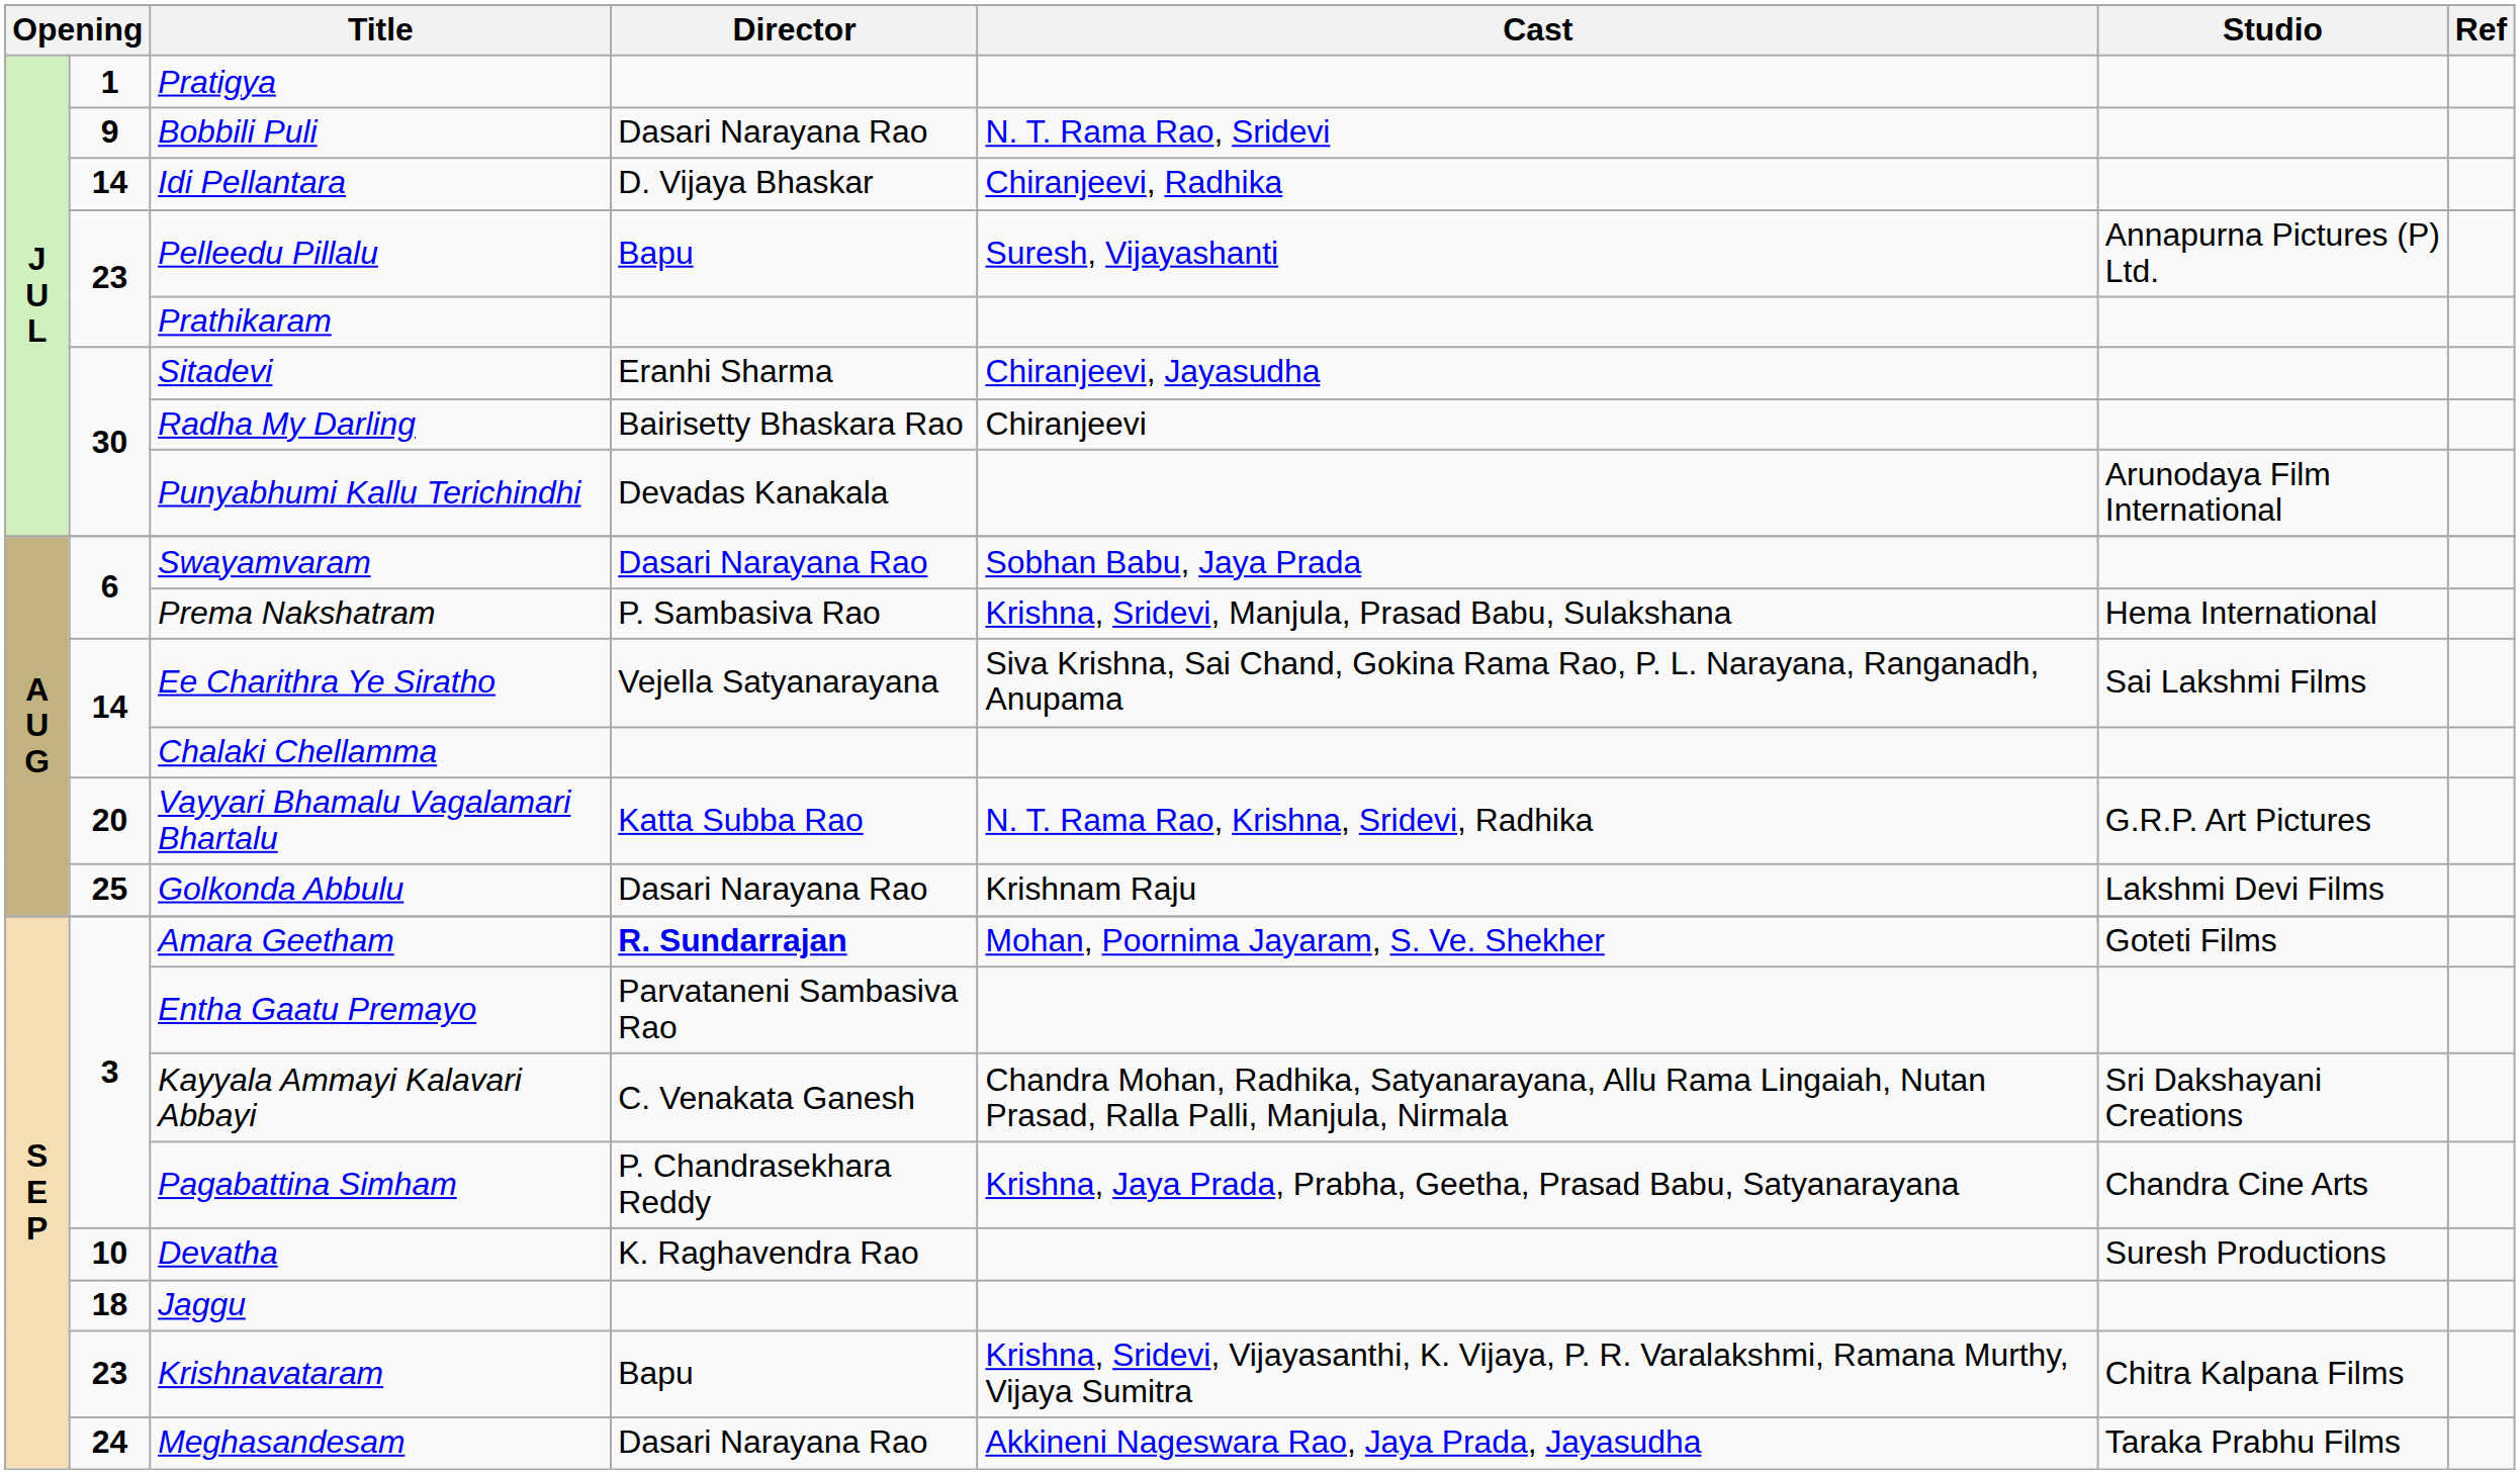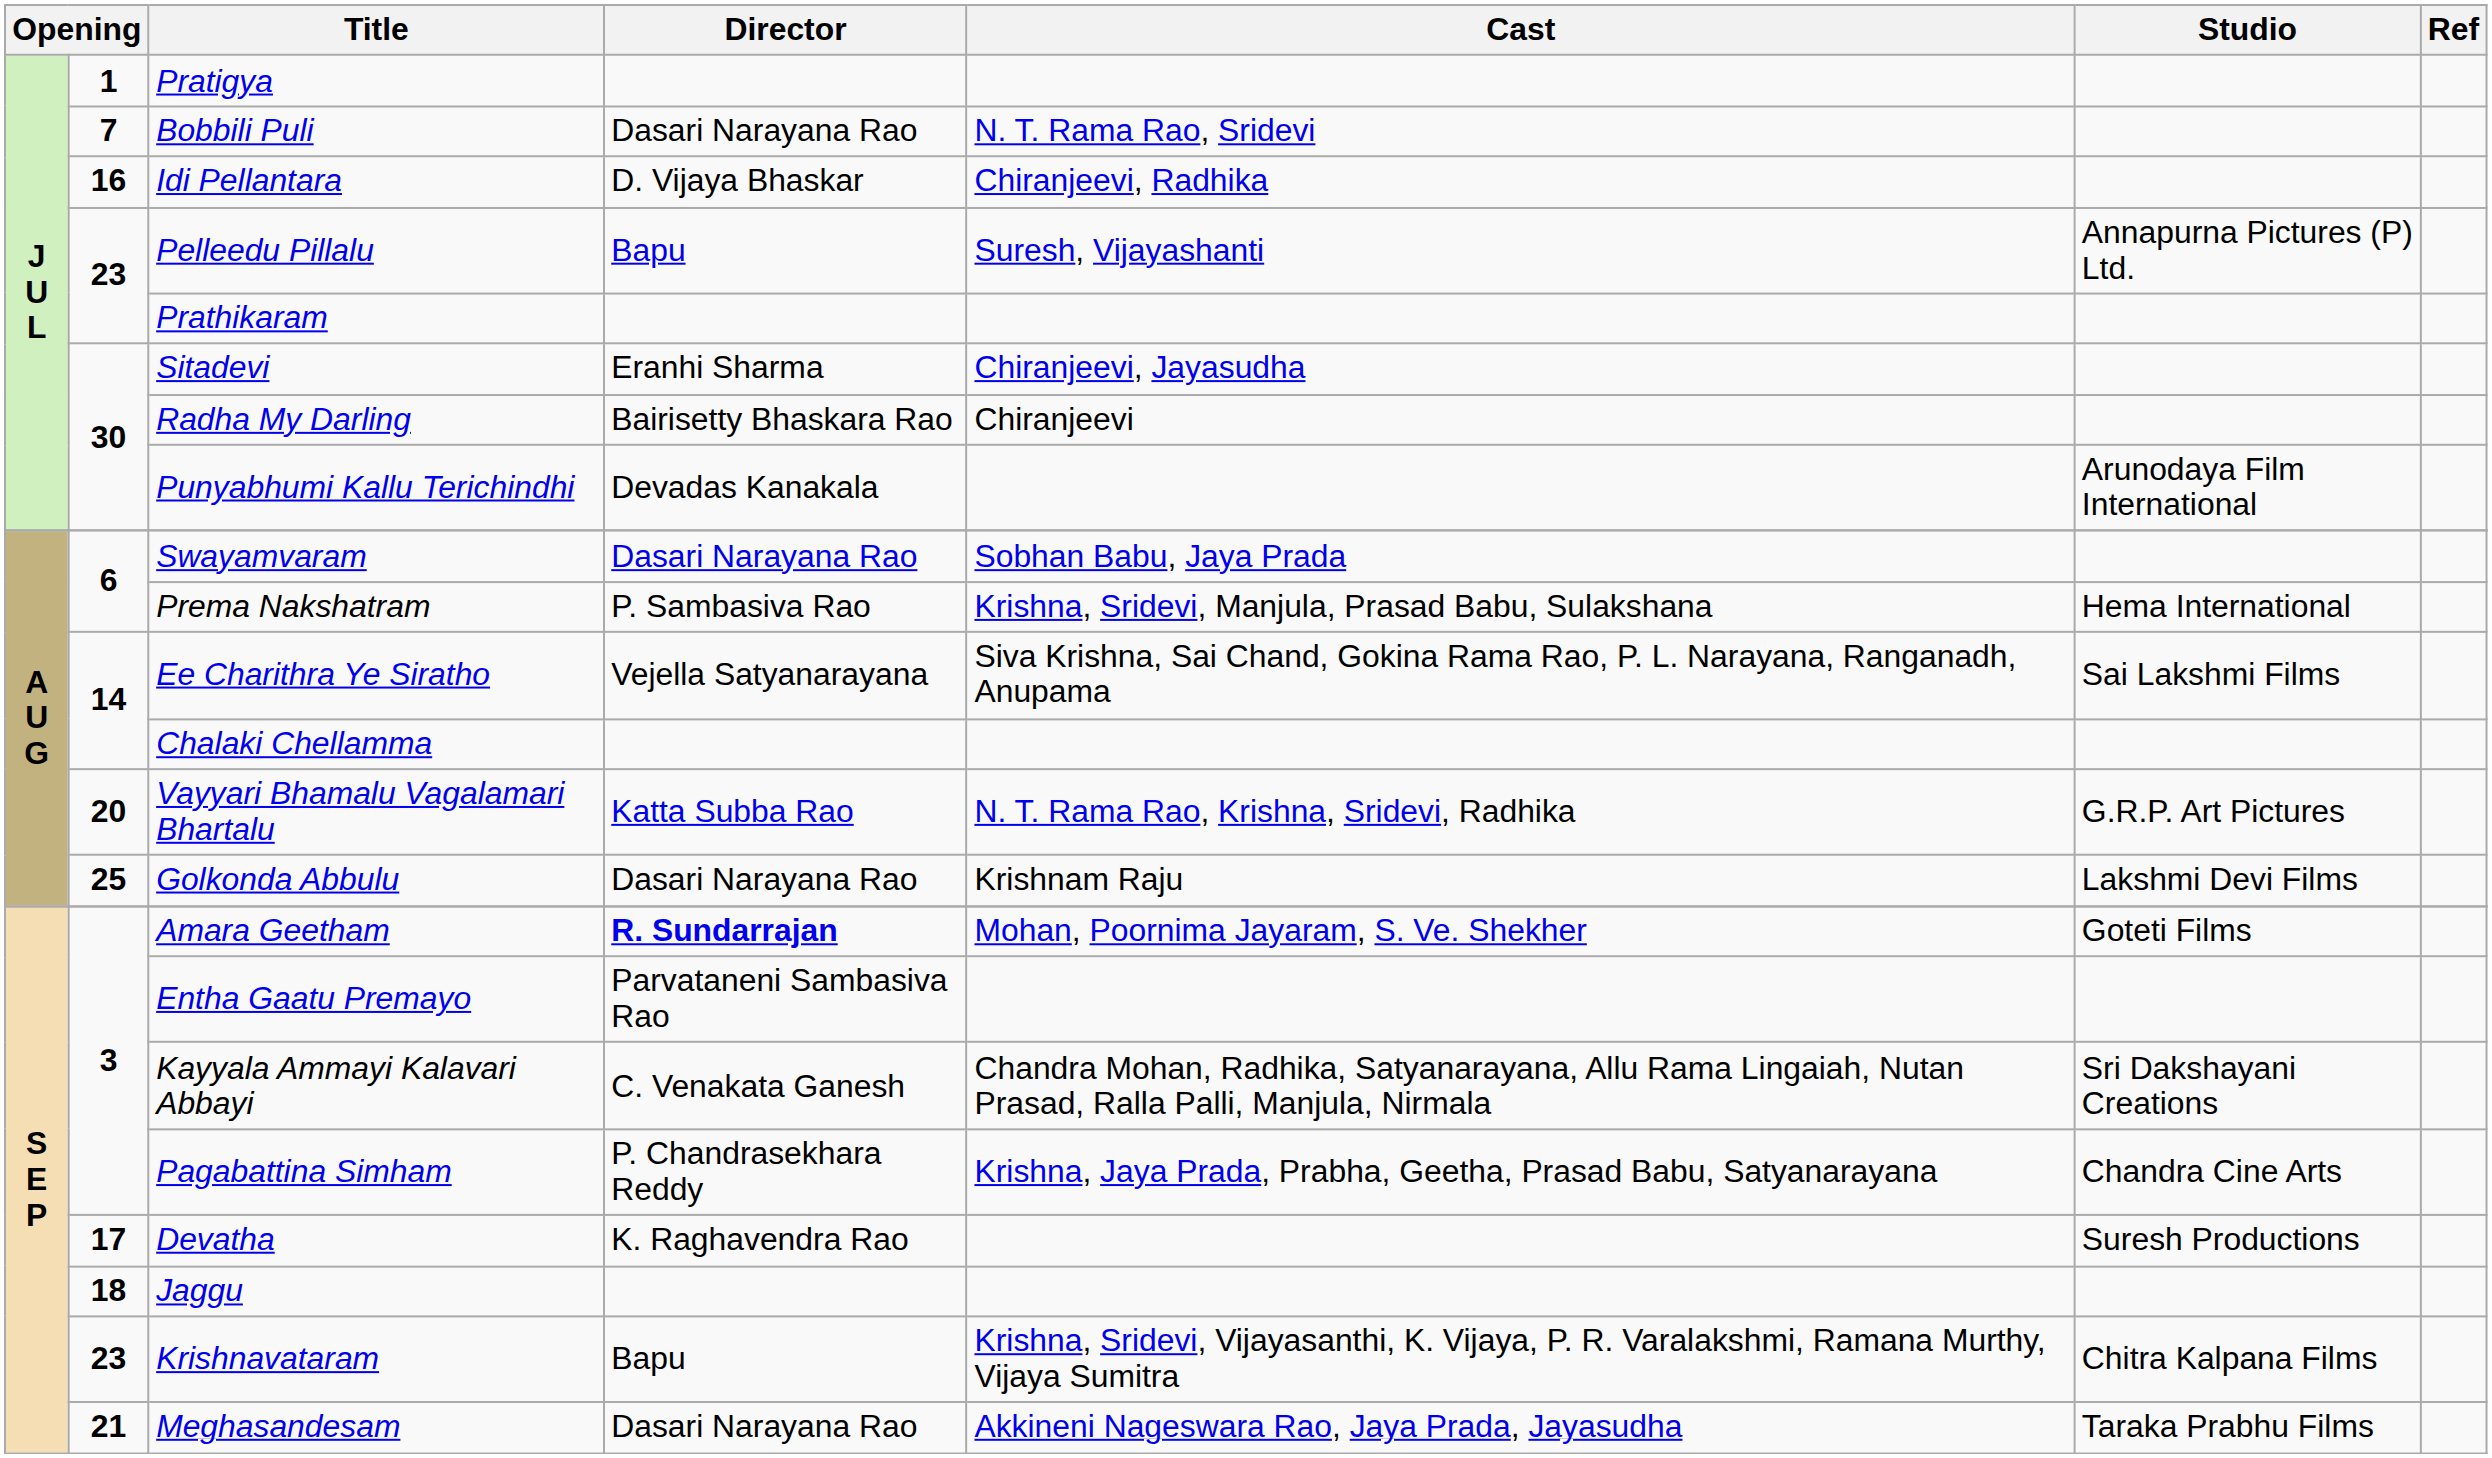 <table class="wikitable">
 <tr>
 <th colspan="2">Opening</th>
 <th>Title</th>
 <th>Director</th>
 <th>Cast</th>
 <th>Studio</th>
 <th>Ref</th>
 </tr>
 <tr July!>
 <td rowspan="8" valign="center" align="center" style="background:	#d0f0c0; textcolor:#000;"><strong>J<br>U<br>L</strong></td>
 <td rowspan="1" align="center"><strong>1</strong></td>
 <td><em><a href='#'>Pratigya</a></em></td>
 <td></td>
 <td></td>
 <td></td>
 <td></td>
 </tr>
 <tr>
-<td rowspan="1" align="center"><strong>9</strong></td>
+<td rowspan="1" align="center"><strong>7</strong></td>
 <td><em><a href='#'>Bobbili Puli</a></em></td>
 <td>Dasari Narayana Rao</td>
 <td><a href='#'>N. T. Rama Rao</a>, <a href='#'>Sridevi</a></td>
 <td></td>
 <td></td>
 </tr>
 <tr>
-<td align="center"><strong>14</strong></td>
+<td align="center"><strong>16</strong></td>
 <td><em><a href='#'>Idi Pellantara</a></em></td>
 <td>D. Vijaya Bhaskar</td>
 <td><a href='#'>Chiranjeevi</a>, <a href='#'>Radhika</a></td>
 <td></td>
 <td></td>
 </tr>
 <tr>
 <td rowspan="2" align="center"><strong>23</strong></td>
 <td><em><a href='#'>Pelleedu Pillalu</a></em></td>
 <td><a href='#'>Bapu</a></td>
 <td><a href='#'>Suresh</a>, <a href='#'>Vijayashanti</a></td>
 <td>Annapurna Pictures (P) Ltd.</td>
 <td></td>
 </tr>
 <tr>
 <td><em><a href='#'>Prathikaram</a></em></td>
 <td></td>
 <td></td>
 <td></td>
 <td></td>
 </tr>
 <tr>
 <td rowspan="3" align="center"><strong>30</strong></td>
 <td><em><a href='#'>Sitadevi</a></em></td>
 <td>Eranhi Sharma</td>
 <td><a href='#'>Chiranjeevi</a>, <a href='#'>Jayasudha</a></td>
 <td></td>
 <td></td>
 </tr>
 <tr>
 <td><em><a href='#'>Radha My Darling</a></em></td>
 <td>Bairisetty Bhaskara Rao</td>
 <td>Chiranjeevi</td>
 <td></td>
 <td></td>
 </tr>
 <tr>
 <td><em><a href='#'>Punyabhumi Kallu Terichindhi</a></em></td>
 <td>Devadas Kanakala</td>
 <td></td>
 <td>Arunodaya Film International</td>
 <td></td>
 </tr>
 <tr>
 </tr>
 <tr August!>
 <td rowspan="6" valign="center" align="center" style="background:#C2B280;"><strong>A<br>U<br>G</strong></td>
 <td rowspan="2" align="center"><strong>6</strong></td>
 <td><em><a href='#'>Swayamvaram</a></em></td>
 <td><a href='#'>Dasari Narayana Rao</a></td>
 <td><a href='#'>Sobhan Babu</a>, <a href='#'>Jaya Prada</a></td>
 <td></td>
 <td></td>
 </tr>
 <tr>
 <td><em>Prema Nakshatram</em></td>
 <td>P. Sambasiva Rao</td>
 <td><a href='#'>Krishna</a>, <a href='#'>Sridevi</a>, Manjula, Prasad Babu, Sulakshana</td>
 <td>Hema International</td>
 <td></td>
 </tr>
 <tr>
 <td rowspan="2" align="center"><strong>14</strong></td>
 <td><em><a href='#'>Ee Charithra Ye Siratho</a></em></td>
 <td>Vejella Satyanarayana</td>
 <td>Siva Krishna, Sai Chand, Gokina Rama Rao, P. L. Narayana, Ranganadh, Anupama</td>
 <td>Sai Lakshmi Films</td>
 <td></td>
 </tr>
 <tr>
 <td><em><a href='#'>Chalaki Chellamma</a></em></td>
 <td></td>
 <td></td>
 <td></td>
 <td></td>
 </tr>
 <tr>
 <td rowspan="1" align="center"><strong>20</strong></td>
 <td><em><a href='#'>Vayyari Bhamalu Vagalamari Bhartalu</a></em></td>
 <td><a href='#'>Katta Subba Rao</a></td>
 <td><a href='#'>N. T. Rama Rao</a>, <a href='#'>Krishna</a>, <a href='#'>Sridevi</a>, Radhika</td>
 <td>G.R.P. Art Pictures</td>
 <td></td>
 </tr>
 <tr>
 <td rowspan="1" align="center"><strong>25</strong></td>
 <td><em><a href='#'>Golkonda Abbulu</a></em></td>
 <td>Dasari Narayana Rao</td>
 <td>Krishnam Raju</td>
 <td>Lakshmi Devi Films</td>
 <td></td>
 </tr>
 <tr>
 </tr>
 <tr September!>
 <td rowspan="8" valign="center" align="center" style="background:#F5DEB3; textcolor:#000;"><strong>S<br>E<br>P</strong></td>
 <td rowspan="4" align="center"><strong>3</strong></td>
 <td><em><a href='#'>Amara Geetham</a></em></td>
 <td><strong><a href='#'>R. Sundarrajan</a></strong></td>
 <td><a href='#'>Mohan</a>, <a href='#'>Poornima Jayaram</a>, <a href='#'>S. Ve. Shekher</a></td>
 <td>Goteti Films</td>
 <td></td>
 </tr>
 <tr>
 <td><em><a href='#'>Entha Gaatu Premayo</a></em></td>
 <td>Parvataneni Sambasiva Rao</td>
 <td></td>
 <td></td>
 <td></td>
 </tr>
 <tr>
 <td><em>Kayyala Ammayi Kalavari Abbayi</em></td>
 <td>C. Venakata Ganesh</td>
 <td>Chandra Mohan, Radhika, Satyanarayana, Allu Rama Lingaiah, Nutan Prasad, Ralla Palli, Manjula, Nirmala</td>
 <td>Sri Dakshayani Creations</td>
 <td></td>
 </tr>
 <tr>
 <td><em><a href='#'>Pagabattina Simham</a></em></td>
 <td>P. Chandrasekhara Reddy</td>
 <td><a href='#'>Krishna</a>, <a href='#'>Jaya Prada</a>, Prabha, Geetha, Prasad Babu, Satyanarayana</td>
 <td>Chandra Cine Arts</td>
 <td></td>
 </tr>
 <tr>
-<td rowspan="1" align="center"><strong>10</strong></td>
+<td rowspan="1" align="center"><strong>17</strong></td>
 <td><em><a href='#'>Devatha</a></em></td>
 <td>K. Raghavendra Rao</td>
 <td></td>
 <td>Suresh Productions</td>
 <td></td>
 </tr>
 <tr>
 <td rowspan="1" align="center"><strong>18</strong></td>
 <td><em><a href='#'>Jaggu</a></em></td>
 <td></td>
 <td></td>
 <td></td>
 <td></td>
 </tr>
 <tr>
 <td rowspan="1" align="center"><strong>23</strong></td>
 <td><em><a href='#'>Krishnavataram</a></em></td>
 <td>Bapu</td>
 <td><a href='#'>Krishna</a>, <a href='#'>Sridevi</a>, Vijayasanthi, K. Vijaya, P. R. Varalakshmi, Ramana Murthy,  Vijaya Sumitra</td>
 <td>Chitra Kalpana Films</td>
 <td></td>
 </tr>
 <tr>
-<td rowspan="1" align="center"><strong>24</strong></td>
+<td rowspan="1" align="center"><strong>21</strong></td>
 <td><em><a href='#'>Meghasandesam</a></em></td>
 <td>Dasari Narayana Rao</td>
 <td><a href='#'>Akkineni Nageswara Rao</a>, <a href='#'>Jaya Prada</a>, <a href='#'>Jayasudha</a></td>
 <td>Taraka Prabhu Films</td>
 <td></td>
 </tr>
 <tr>
 </tr>
 </table>
